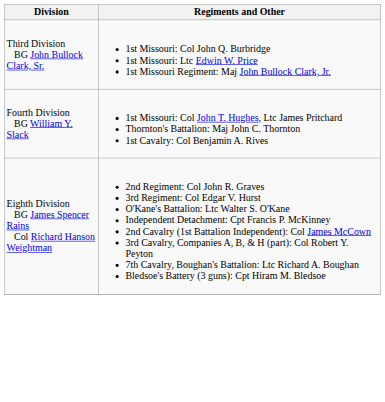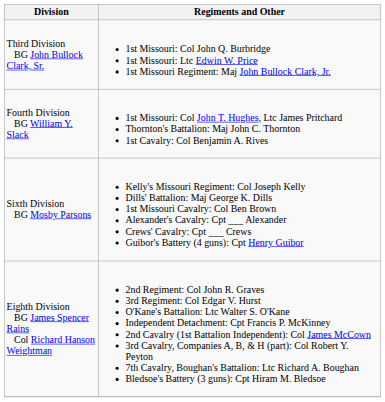 <table class="wikitable">
 <tr>
 <th width=25%>Division</th>
 <th>Regiments and Other</th>
 </tr>
 <tr>
 <td>Third Division<br>   BG <a href='#'>John Bullock Clark, Sr.</a></td>
 <td><br><ul><li>1st Missouri: Col John Q. Burbridge</li><li>1st Missouri: Ltc <a href='#'>Edwin W. Price</a></li><li>1st Missouri Regiment: Maj <a href='#'>John Bullock Clark, Jr.</a></li></ul></td>
 </tr>
 <tr>
 <td>Fourth Division<br>   BG <a href='#'>William Y. Slack</a></td>
 <td><br><ul><li>1st Missouri: Col <a href='#'>John T. Hughes</a>, Ltc James Pritchard</li><li>Thornton's Battalion: Maj John C. Thornton</li><li>1st Cavalry: Col Benjamin A. Rives</li></ul></td>
 </tr>
 <tr>
+<td>Sixth Division<br>   BG <a href='#'>Mosby Parsons</a></td>
+<td><br><ul><li>Kelly's Missouri Regiment: Col Joseph Kelly</li><li>Dills' Battalion: Maj George K. Dills</li><li>1st Missouri Cavalry: Col Ben Brown</li><li>Alexander's Cavalry: Cpt ___ Alexander</li><li>Crews' Cavalry: Cpt ___ Crews</li><li>Guibor's Battery (4 guns): Cpt <a href='#'>Henry Guibor</a></li></ul></td>
+</tr>
+<tr>
 <td>Eighth Division<br>   BG <a href='#'>James Spencer Rains</a><br>   Col <a href='#'>Richard Hanson Weightman</a></td>
 <td><br><ul><li>2nd Regiment: Col John R. Graves</li><li>3rd Regiment: Col Edgar V. Hurst</li><li>O'Kane's Battalion: Ltc Walter S. O'Kane</li><li>Independent Detachment: Cpt Francis P. McKinney</li><li>2nd Cavalry (1st Battalion Independent): Col <a href='#'>James McCown</a></li><li>3rd Cavalry, Companies A, B, & H (part): Col Robert Y. Peyton</li><li>7th Cavalry, Boughan's Battalion: Ltc Richard A. Boughan</li><li>Bledsoe's Battery (3 guns): Cpt Hiram M. Bledsoe</li></ul></td>
 </tr>
 <tr>
 </tr>
 </table>
